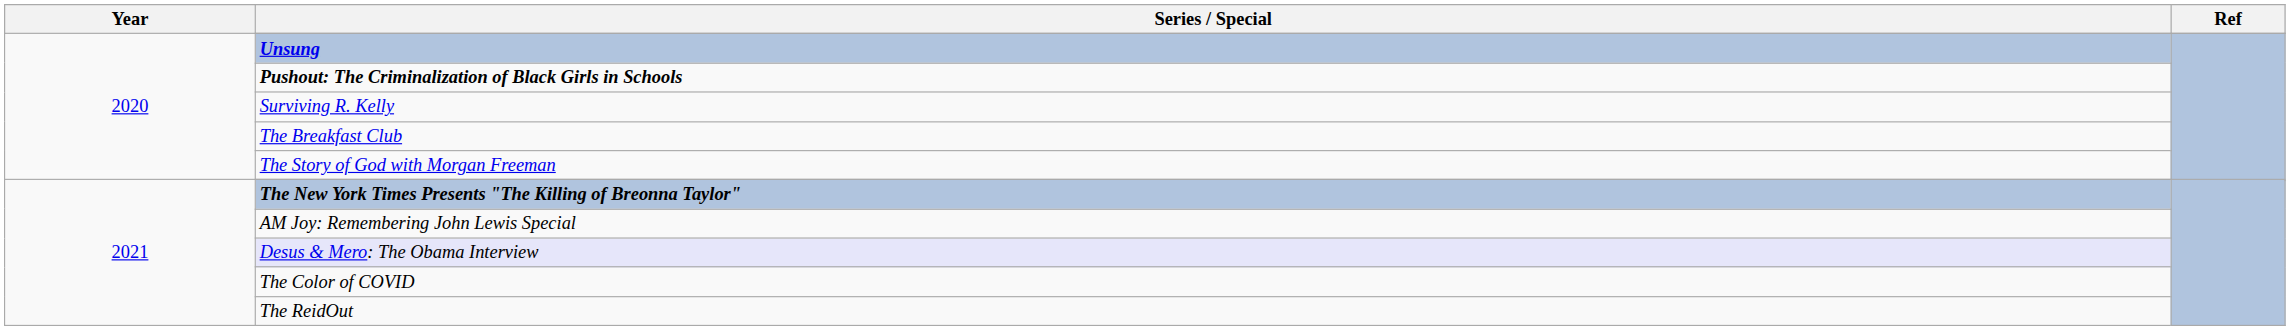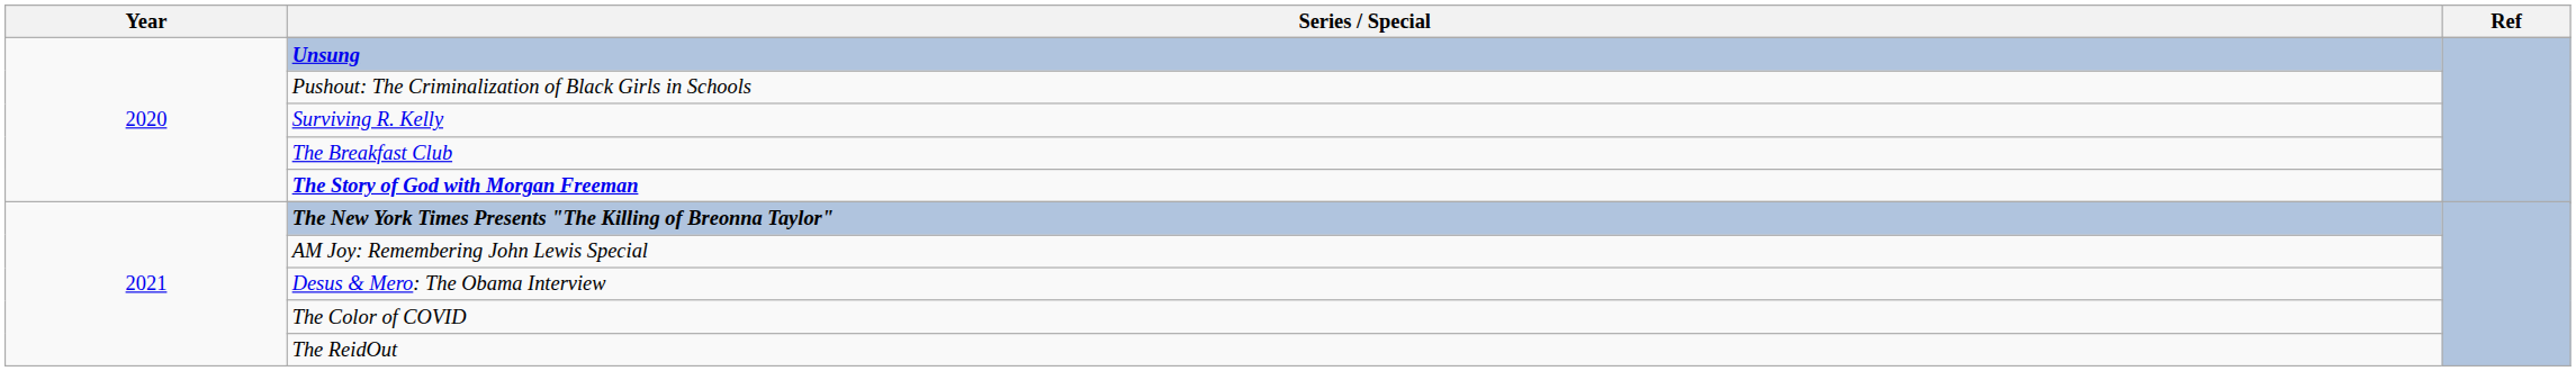 <table class="wikitable" style="width:100%;">
 <tr style="background:#bebebe;">
 <th style="width:11%;">Year</th>
 <th style="width:84%;">Series / Special</th>
 <th style="width:5%;">Ref</th>
 </tr>
 <tr>
 <td rowspan="6" align="center"><a href='#'>2020</a></td>
 </tr>
 <tr style="background:#B0C4DE">
 <td><strong><em><a href='#'>Unsung</a></em></strong></td>
 <td rowspan="6" align="center"></td>
 </tr>
 <tr>
-<td><strong><em>Pushout: The Criminalization of Black Girls in Schools</em></strong></td>
+<td><em>Pushout: The Criminalization of Black Girls in Schools</em></td>
 </tr>
 <tr>
 <td><em><a href='#'>Surviving R. Kelly</a></em></td>
 </tr>
 <tr>
 <td><em><a href='#'>The Breakfast Club</a></em></td>
 </tr>
 <tr>
-<td><em><a href='#'>The Story of God with Morgan Freeman</a></em></td>
+<td><strong><em><a href='#'>The Story of God with Morgan Freeman</a></em></strong></td>
 </tr>
 <tr>
 <td rowspan="6" align="center"><a href='#'>2021</a></td>
 </tr>
 <tr style="background:#B0C4DE">
 <td><strong><em>The New York Times Presents "The Killing of Breonna Taylor"</em></strong></td>
 <td rowspan="6" align="center"></td>
 </tr>
 <tr>
 <td><em>AM Joy: Remembering John Lewis Special</em></td>
 </tr>
 <tr>
-<td style="background: lavender;"><em><a href='#'>Desus & Mero</a>: The Obama Interview</em></td>
+<td><em><a href='#'>Desus & Mero</a>: The Obama Interview</em></td>
 </tr>
 <tr>
 <td><em>The Color of COVID</em></td>
 </tr>
 <tr>
 <td><em>The ReidOut</em></td>
 </tr>
 </table>
